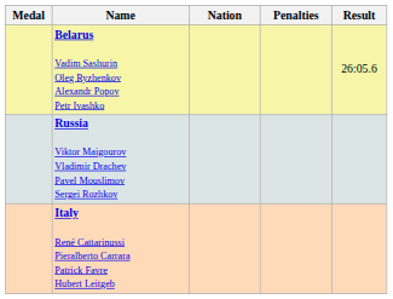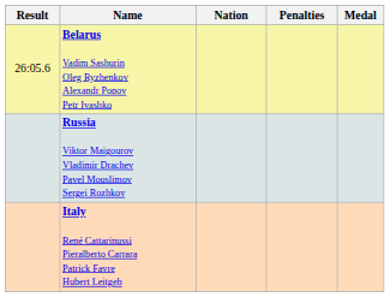 <table class=wikitable style="border:1px solid #AAAAAA;font-size:90%">
 <tr bgcolor="#E4E4E4">
-<th style="border-bottom:1px solid #AAAAAA" width=50>Medal</th>
+<th style="border-bottom:1px solid #AAAAAA" width=60>Result</th>
 <th style="border-bottom:1px solid #AAAAAA" width=160>Name</th>
 <th style="border-bottom:1px solid #AAAAAA" width=80>Nation</th>
 <th style="border-bottom:1px solid #AAAAAA" width=80>Penalties</th>
-<th style="border-bottom:1px solid #AAAAAA" width=60>Result</th>
+<th style="border-bottom:1px solid #AAAAAA" width=50>Medal</th>
 </tr>
 <tr bgcolor="#F7F6A8">
-<td align="center"></td>
+<td align="center">26:05.6</td>
 <td><strong><a href='#'>Belarus</a></strong><br><br><small><a href='#'>Vadim Sashurin</a><br><a href='#'>Oleg Ryzhenkov</a><br><a href='#'>Alexandr Popov</a><br><a href='#'>Petr Ivashko</a></small></td>
 <td></td>
 <td align="center"></td>
-<td align="center">26:05.6</td>
+<td align="center"></td>
 </tr>
 <tr bgcolor="#DCE5E5">
-<td align="center"></td>
+<td align="right"></td>
 <td><strong><a href='#'>Russia</a></strong><br><br><small><a href='#'>Viktor Maigourov</a><br><a href='#'>Vladimir Drachev</a><br><a href='#'>Pavel Mouslimov</a><br><a href='#'>Sergei Rozhkov</a></small></td>
 <td></td>
 <td align="center"></td>
-<td align="right"></td>
+<td align="center"></td>
 </tr>
 <tr bgcolor="#FFDAB9">
-<td align="center"></td>
+<td align="right"></td>
 <td><strong><a href='#'>Italy</a></strong><br><br><small><a href='#'>René Cattarinussi</a><br><a href='#'>Pieralberto Carrara</a><br><a href='#'>Patrick Favre</a><br><a href='#'>Hubert Leitgeb</a></small></td>
 <td></td>
 <td align="center"></td>
-<td align="right"></td>
+<td align="center"></td>
 </tr>
 </table>
